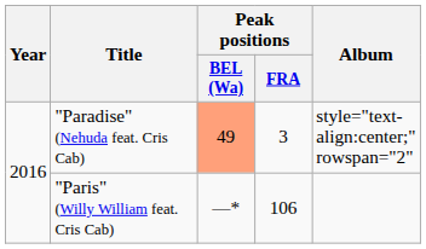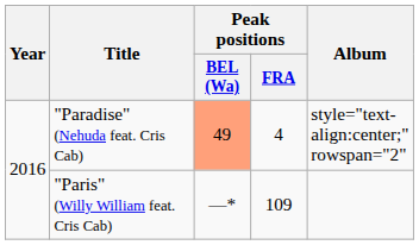 <table class="wikitable">
 <tr>
 <th rowspan="2" style="text-align:center; width:10px;">Year</th>
 <th rowspan="2" style="text-align:center; width:120px;">Title</th>
 <th colspan="2" style="text-align:center; width:20px;">Peak positions</th>
 <th rowspan="2" style="text-align:center; width:70px;">Album</th>
 </tr>
 <tr>
 <th scope="col" style="width:3em;font-size:90%;"><a href='#'>BEL<br> (Wa)</a><br></th>
 <th scope="col" style="width:3em;font-size:90%;"><a href='#'>FRA</a><br></th>
 </tr>
 <tr>
 <td style="text-align:center;" rowspan="2">2016</td>
 <td>"Paradise" <br><small>(<a href='#'>Nehuda</a> feat. Cris Cab)</small></td>
 <td style="background: lightsalmon; text-align:center;">49</td>
-<td style="text-align:center;">3</td>
+<td style="text-align:center;">4</td>
 <td>style="text-align:center;" rowspan="2" </td>
 </tr>
 <tr>
 <td>"Paris" <br><small>(<a href='#'>Willy William</a> feat. Cris Cab)</small></td>
 <td style="text-align:center;">—*</td>
-<td style="text-align:center;">106</td>
+<td style="text-align:center;">109</td>
 </tr>
 </table>
